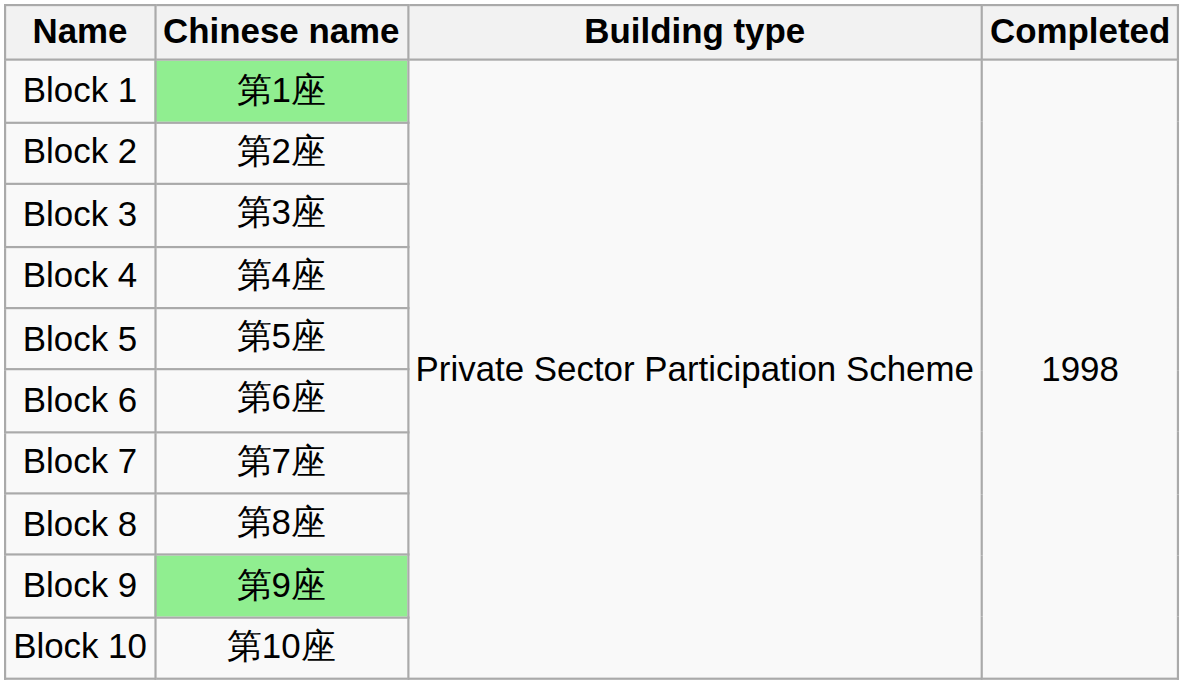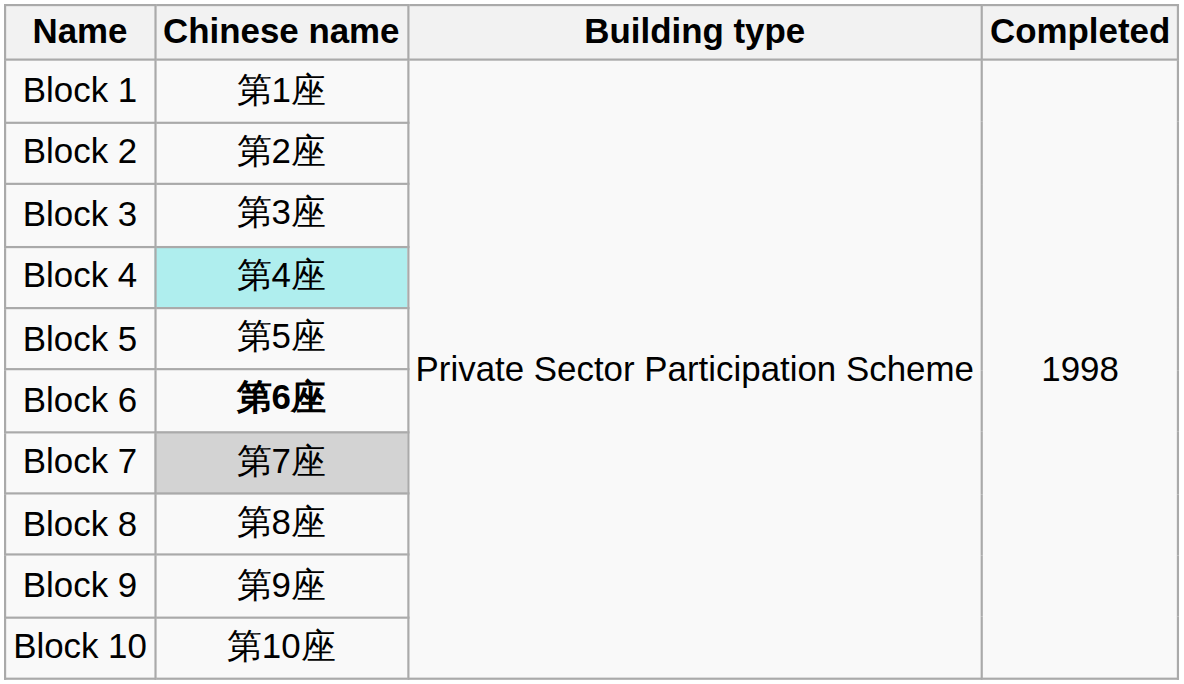 <table class="wikitable" style="text-align: center">
 <tr>
 <th>Name</th>
 <th>Chinese name</th>
 <th>Building type</th>
 <th>Completed</th>
 </tr>
 <tr>
 <td>Block 1</td>
-<td style="background: lightgreen;">第1座</td>
+<td>第1座</td>
 <td rowspan="10">Private Sector Participation Scheme</td>
 <td rowspan="10">1998</td>
 </tr>
 <tr>
 <td>Block 2</td>
 <td>第2座</td>
 </tr>
 <tr>
 <td>Block 3</td>
 <td>第3座</td>
 </tr>
 <tr>
 <td>Block 4</td>
-<td>第4座</td>
+<td style="background: paleturquoise;">第4座</td>
 </tr>
 <tr>
 <td>Block 5</td>
 <td>第5座</td>
 </tr>
 <tr>
 <td>Block 6</td>
-<td>第6座</td>
+<td><strong>第6座</strong></td>
 </tr>
 <tr>
 <td>Block 7</td>
-<td>第7座</td>
+<td style="background: lightgrey;">第7座</td>
 </tr>
 <tr>
 <td>Block 8</td>
 <td>第8座</td>
 </tr>
 <tr>
 <td>Block 9</td>
-<td style="background: lightgreen;">第9座</td>
+<td>第9座</td>
 </tr>
 <tr>
 <td>Block 10</td>
 <td>第10座</td>
 </tr>
 </table>
